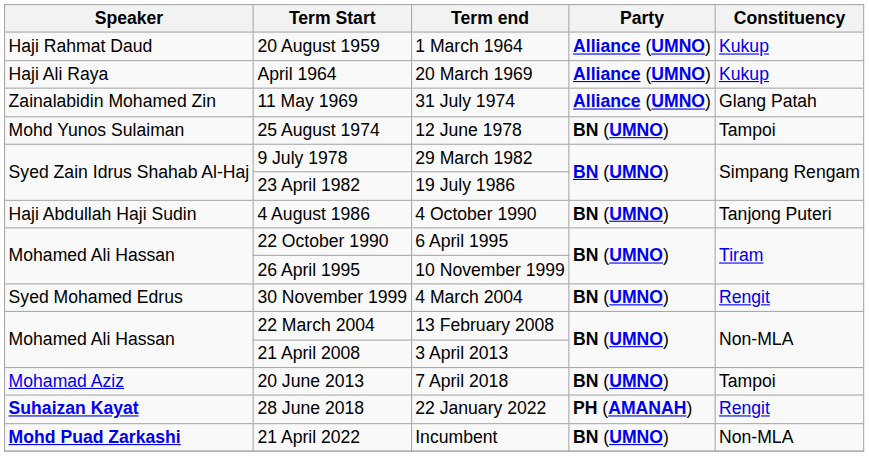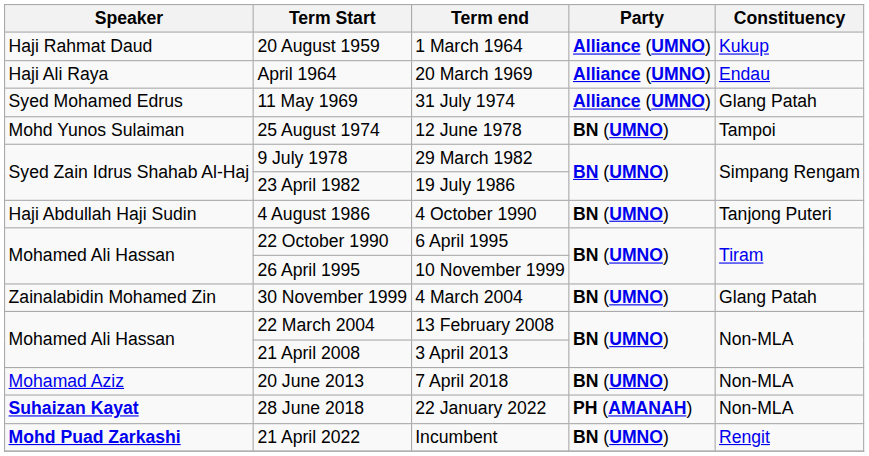 <table class="wikitable">
 <tr>
 <th>Speaker</th>
 <th>Term Start</th>
 <th>Term end</th>
 <th>Party</th>
 <th>Constituency</th>
 </tr>
 <tr>
 <td>Haji Rahmat Daud</td>
 <td>20 August 1959</td>
 <td>1 March 1964</td>
 <td><strong><a href='#'>Alliance</a></strong> (<strong><a href='#'>UMNO</a></strong>)</td>
 <td><a href='#'>Kukup</a></td>
 </tr>
 <tr>
 <td>Haji Ali Raya</td>
 <td>April 1964</td>
 <td>20 March 1969</td>
 <td><strong><a href='#'>Alliance</a></strong> (<strong><a href='#'>UMNO</a></strong>)</td>
-<td><a href='#'>Kukup</a></td>
+<td><a href='#'>Endau</a></td>
 </tr>
 <tr>
-<td>Zainalabidin Mohamed Zin</td>
+<td>Syed Mohamed Edrus</td>
 <td>11 May 1969</td>
 <td>31 July 1974</td>
 <td><strong><a href='#'>Alliance</a></strong> (<strong><a href='#'>UMNO</a></strong>)</td>
 <td>Glang Patah</td>
 </tr>
 <tr>
 <td>Mohd Yunos Sulaiman</td>
 <td>25 August 1974</td>
 <td>12 June 1978</td>
 <td><strong>BN</strong> (<strong><a href='#'>UMNO</a></strong>)</td>
 <td>Tampoi</td>
 </tr>
 <tr>
 <td rowspan=2>Syed Zain Idrus Shahab Al-Haj</td>
 <td>9 July 1978</td>
 <td>29 March 1982</td>
 <td rowspan=2><strong><a href='#'>BN</a></strong> (<strong><a href='#'>UMNO</a></strong>)</td>
 <td rowspan=2>Simpang Rengam</td>
 </tr>
 <tr>
 <td>23 April 1982</td>
 <td>19 July 1986</td>
 </tr>
 <tr>
 <td>Haji Abdullah Haji Sudin</td>
 <td>4 August 1986</td>
 <td>4 October 1990</td>
 <td><strong>BN</strong> (<strong><a href='#'>UMNO</a></strong>)</td>
 <td>Tanjong Puteri</td>
 </tr>
 <tr>
 <td rowspan=2>Mohamed Ali Hassan</td>
 <td>22 October 1990</td>
 <td>6 April 1995</td>
 <td rowspan=2><strong>BN</strong> (<strong><a href='#'>UMNO</a></strong>)</td>
 <td rowspan=2><a href='#'>Tiram</a></td>
 </tr>
 <tr>
 <td>26 April 1995</td>
 <td>10 November 1999</td>
 </tr>
 <tr>
-<td>Syed Mohamed Edrus</td>
+<td>Zainalabidin Mohamed Zin</td>
 <td>30 November 1999</td>
 <td>4 March 2004</td>
 <td><strong>BN</strong> (<strong><a href='#'>UMNO</a></strong>)</td>
-<td><a href='#'>Rengit</a></td>
+<td>Glang Patah</td>
 </tr>
 <tr>
 <td rowspan=2>Mohamed Ali Hassan</td>
 <td>22 March 2004</td>
 <td>13 February 2008</td>
 <td rowspan=2><strong>BN</strong> (<strong><a href='#'>UMNO</a></strong>)</td>
 <td rowspan=2>Non-MLA</td>
 </tr>
 <tr>
 <td>21 April 2008</td>
 <td>3 April 2013</td>
 </tr>
 <tr>
 <td><a href='#'>Mohamad Aziz</a></td>
 <td>20 June 2013</td>
 <td>7 April 2018</td>
 <td><strong>BN</strong> (<strong><a href='#'>UMNO</a></strong>)</td>
-<td>Tampoi</td>
+<td>Non-MLA</td>
 </tr>
 <tr>
 <td><strong><a href='#'>Suhaizan Kayat</a></strong></td>
 <td>28 June 2018</td>
 <td>22 January 2022</td>
 <td><strong>PH</strong> (<strong><a href='#'>AMANAH</a></strong>)</td>
-<td><a href='#'>Rengit</a></td>
+<td>Non-MLA</td>
 </tr>
 <tr>
 <td><strong><a href='#'>Mohd Puad Zarkashi</a></strong></td>
 <td>21 April 2022</td>
 <td>Incumbent</td>
 <td><strong>BN</strong> (<strong><a href='#'>UMNO</a></strong>)</td>
-<td>Non-MLA</td>
+<td><a href='#'>Rengit</a></td>
 </tr>
 <tr>
 </tr>
 </table>
